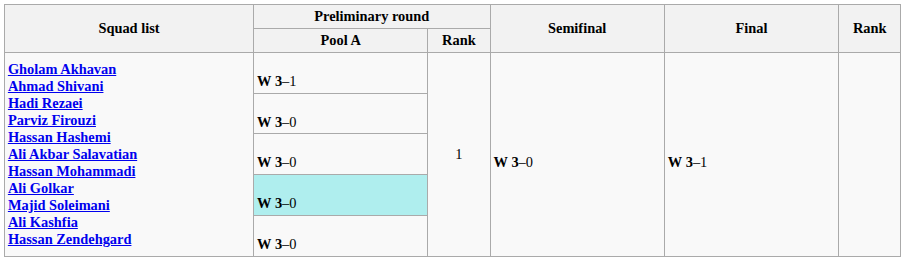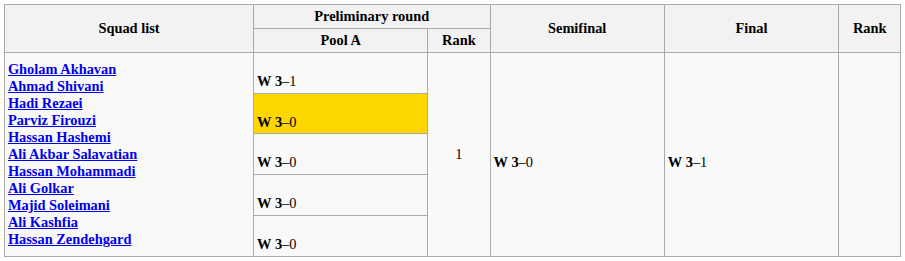 <table class="wikitable" width="71%" style="text-align:left; font-size:90%">
 <tr>
 <th rowspan="2" width="20%">Squad list</th>
 <th colspan="2">Preliminary round</th>
 <th rowspan="2" width="14%">Semifinal</th>
 <th rowspan="2" width="14%">Final</th>
 <th rowspan="2" width="5%">Rank</th>
 </tr>
 <tr>
 <th width="14%">Pool A</th>
 <th width="5%">Rank</th>
 </tr>
 <tr>
 <td rowspan="5"><strong><a href='#'>Gholam Akhavan</a><br><a href='#'>Ahmad Shivani</a><br><a href='#'>Hadi Rezaei</a><br><a href='#'>Parviz Firouzi</a><br><a href='#'>Hassan Hashemi</a><br><a href='#'>Ali Akbar Salavatian</a><br><a href='#'>Hassan Mohammadi</a><br><a href='#'>Ali Golkar</a><br><a href='#'>Majid Soleimani</a><br><a href='#'>Ali Kashfia</a><br><a href='#'>Hassan Zendehgard</a></strong></td>
 <td><br><strong>W</strong> <strong>3</strong>–1</td>
 <td rowspan="5" align=center>1 <strong></strong></td>
 <td rowspan="5"><br><strong>W</strong> <strong>3</strong>–0</td>
 <td rowspan="5"><br><strong>W</strong> <strong>3</strong>–1</td>
 <td rowspan="5" align="center"></td>
 </tr>
 <tr>
+<td style="background: gold;"><br><strong>W</strong> <strong>3</strong>–0</td>
+</tr>
+<tr>
 <td><br><strong>W</strong> <strong>3</strong>–0</td>
 </tr>
 <tr>
 <td><br><strong>W</strong> <strong>3</strong>–0</td>
 </tr>
 <tr>
-<td style="background: paleturquoise;"><br><strong>W</strong> <strong>3</strong>–0</td>
-</tr>
-<tr>
 <td><br><strong>W</strong> <strong>3</strong>–0</td>
 </tr>
 </table>
